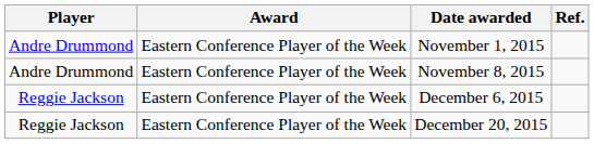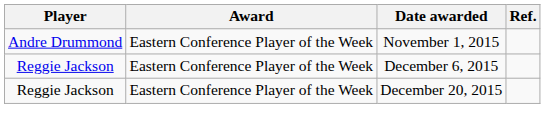 <table class="wikitable sortable sortable" style="text-align: center">
 <tr>
 <th>Player</th>
 <th>Award</th>
 <th>Date awarded</th>
 <th>Ref.</th>
 </tr>
 <tr>
 <td><a href='#'>Andre Drummond</a></td>
 <td>Eastern Conference Player of the Week</td>
 <td>November 1, 2015</td>
-<td></td>
-</tr>
-<tr>
-<td>Andre Drummond</td>
-<td>Eastern Conference Player of the Week</td>
-<td>November 8, 2015</td>
 <td></td>
 </tr>
 <tr>
 <td><a href='#'>Reggie Jackson</a></td>
 <td>Eastern Conference Player of the Week</td>
 <td>December 6, 2015</td>
 <td></td>
 </tr>
 <tr>
 <td>Reggie Jackson</td>
 <td>Eastern Conference Player of the Week</td>
 <td>December 20, 2015</td>
 <td></td>
 </tr>
 </table>
